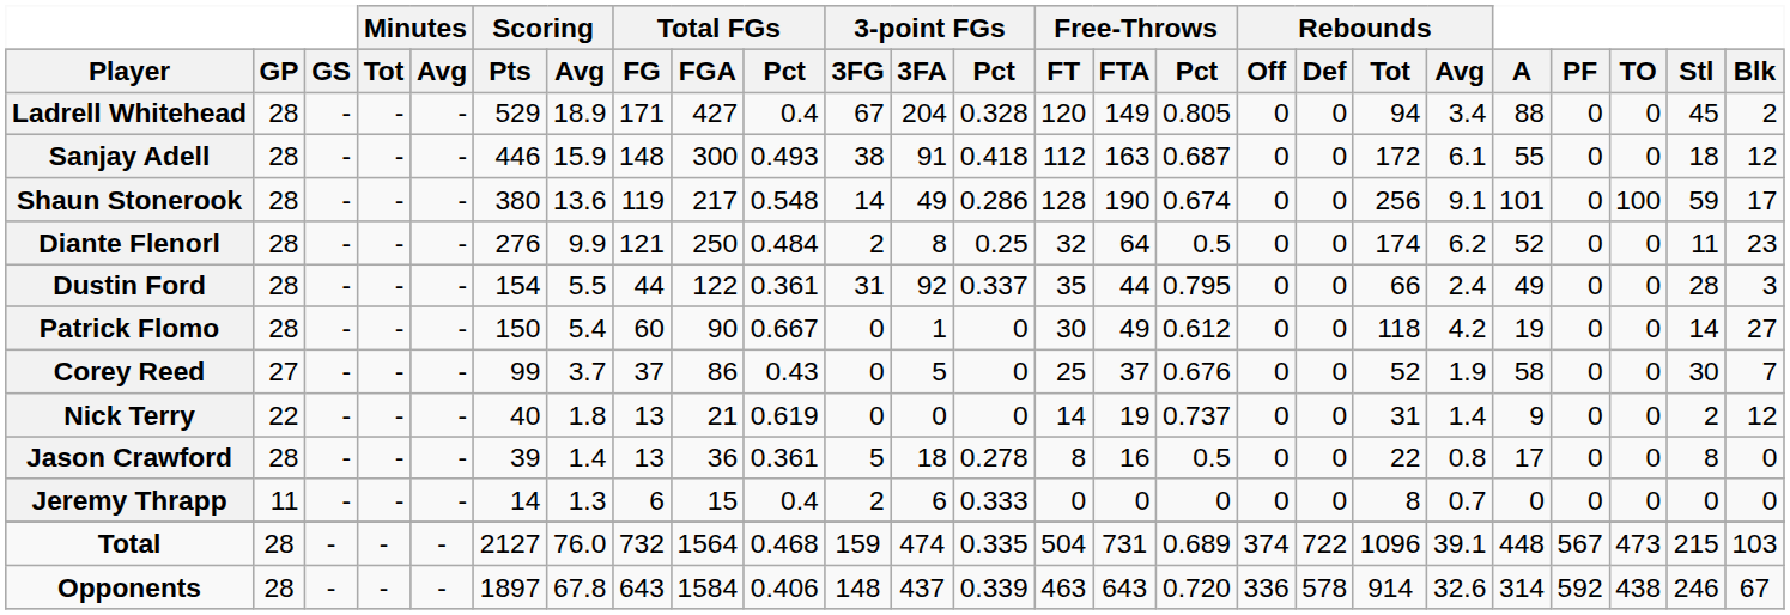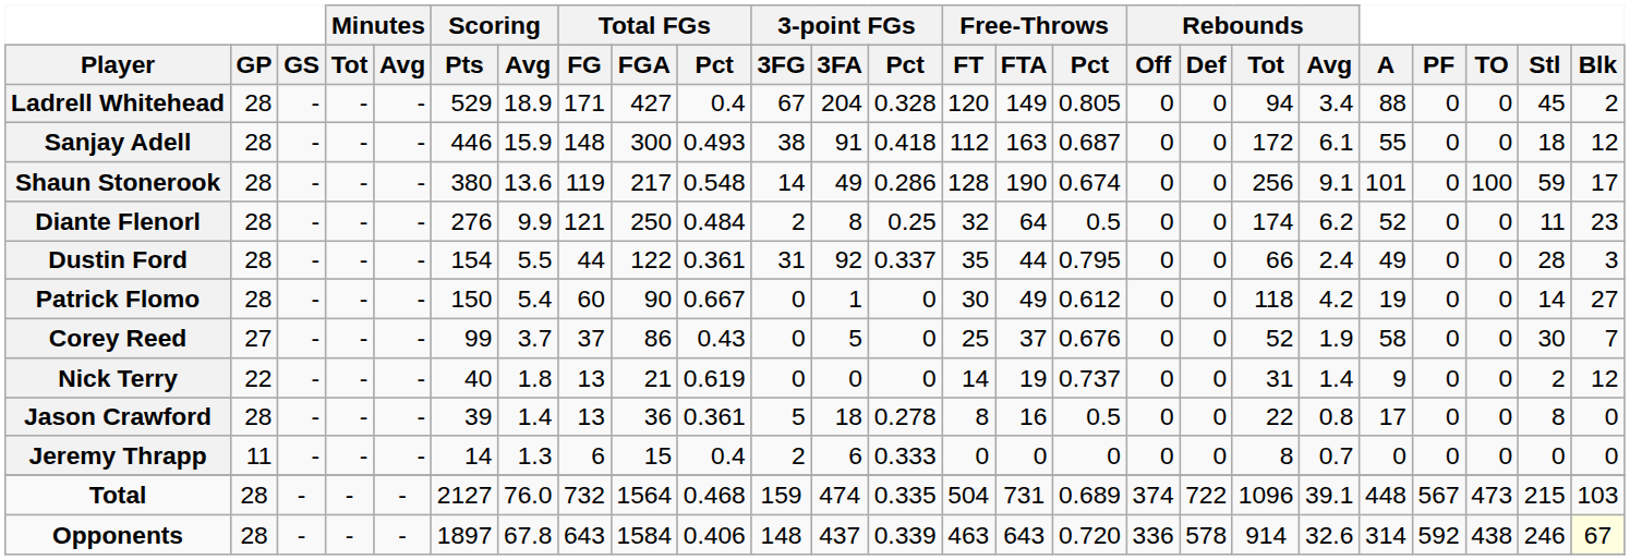 <table class="wikitable sortable" border="1" style="font-size:90%;">
 <tr>
 <th colspan="3" style="border-top-style:hidden; border-left-style:hidden; background: white;"></th>
 <th colspan="2" style=>Minutes</th>
 <th colspan="2" style=>Scoring</th>
 <th colspan="3" style=>Total FGs</th>
 <th colspan="3" style=>3-point FGs</th>
 <th colspan="3" style=>Free-Throws</th>
 <th colspan="4" style=>Rebounds</th>
 <th colspan="5" style="border-top-style:hidden; border-right-style:hidden; background: white;"></th>
 </tr>
 <tr>
 <th scope="col" style=>Player</th>
 <th scope="col" style=>GP</th>
 <th scope="col" style=>GS</th>
 <th scope="col" style=>Tot</th>
 <th scope="col" style=>Avg</th>
 <th scope="col" style=>Pts</th>
 <th scope="col" style=>Avg</th>
 <th scope="col" style=>FG</th>
 <th scope="col" style=>FGA</th>
 <th scope="col" style=>Pct</th>
 <th scope="col" style=>3FG</th>
 <th scope="col" style=>3FA</th>
 <th scope="col" style=>Pct</th>
 <th scope="col" style=>FT</th>
 <th scope="col" style=>FTA</th>
 <th scope="col" style=>Pct</th>
 <th scope="col" style=>Off</th>
 <th scope="col" style=>Def</th>
 <th scope="col" style=>Tot</th>
 <th scope="col" style=>Avg</th>
 <th scope="col" style=>A</th>
 <th scope="col" style=>PF</th>
 <th scope="col" style=>TO</th>
 <th scope="col" style=>Stl</th>
 <th scope="col" style=>Blk</th>
 </tr>
 <tr>
 <th>Ladrell Whitehead</th>
 <td align="right">28</td>
 <td align="right">-</td>
 <td align="right">-</td>
 <td align="right">-</td>
 <td align="right">529</td>
 <td align="right">18.9</td>
 <td align="right">171</td>
 <td align="right">427</td>
 <td align="right">0.4</td>
 <td align="right">67</td>
 <td align="right">204</td>
 <td align="right">0.328</td>
 <td align="right">120</td>
 <td align="right">149</td>
 <td align="right">0.805</td>
 <td align="right">0</td>
 <td align="right">0</td>
 <td align="right">94</td>
 <td align="right">3.4</td>
 <td align="right">88</td>
 <td align="right">0</td>
 <td align="right">0</td>
 <td align="right">45</td>
 <td align="right">2</td>
 </tr>
 <tr>
 <th>Sanjay Adell</th>
 <td align="right">28</td>
 <td align="right">-</td>
 <td align="right">-</td>
 <td align="right">-</td>
 <td align="right">446</td>
 <td align="right">15.9</td>
 <td align="right">148</td>
 <td align="right">300</td>
 <td align="right">0.493</td>
 <td align="right">38</td>
 <td align="right">91</td>
 <td align="right">0.418</td>
 <td align="right">112</td>
 <td align="right">163</td>
 <td align="right">0.687</td>
 <td align="right">0</td>
 <td align="right">0</td>
 <td align="right">172</td>
 <td align="right">6.1</td>
 <td align="right">55</td>
 <td align="right">0</td>
 <td align="right">0</td>
 <td align="right">18</td>
 <td align="right">12</td>
 </tr>
 <tr>
 <th>Shaun Stonerook</th>
 <td align="right">28</td>
 <td align="right">-</td>
 <td align="right">-</td>
 <td align="right">-</td>
 <td align="right">380</td>
 <td align="right">13.6</td>
 <td align="right">119</td>
 <td align="right">217</td>
 <td align="right">0.548</td>
 <td align="right">14</td>
 <td align="right">49</td>
 <td align="right">0.286</td>
 <td align="right">128</td>
 <td align="right">190</td>
 <td align="right">0.674</td>
 <td align="right">0</td>
 <td align="right">0</td>
 <td align="right">256</td>
 <td align="right">9.1</td>
 <td align="right">101</td>
 <td align="right">0</td>
 <td align="right">100</td>
 <td align="right">59</td>
 <td align="right">17</td>
 </tr>
 <tr>
 <th>Diante Flenorl</th>
 <td align="right">28</td>
 <td align="right">-</td>
 <td align="right">-</td>
 <td align="right">-</td>
 <td align="right">276</td>
 <td align="right">9.9</td>
 <td align="right">121</td>
 <td align="right">250</td>
 <td align="right">0.484</td>
 <td align="right">2</td>
 <td align="right">8</td>
 <td align="right">0.25</td>
 <td align="right">32</td>
 <td align="right">64</td>
 <td align="right">0.5</td>
 <td align="right">0</td>
 <td align="right">0</td>
 <td align="right">174</td>
 <td align="right">6.2</td>
 <td align="right">52</td>
 <td align="right">0</td>
 <td align="right">0</td>
 <td align="right">11</td>
 <td align="right">23</td>
 </tr>
 <tr>
 <th>Dustin Ford</th>
 <td align="right">28</td>
 <td align="right">-</td>
 <td align="right">-</td>
 <td align="right">-</td>
 <td align="right">154</td>
 <td align="right">5.5</td>
 <td align="right">44</td>
 <td align="right">122</td>
 <td align="right">0.361</td>
 <td align="right">31</td>
 <td align="right">92</td>
 <td align="right">0.337</td>
 <td align="right">35</td>
 <td align="right">44</td>
 <td align="right">0.795</td>
 <td align="right">0</td>
 <td align="right">0</td>
 <td align="right">66</td>
 <td align="right">2.4</td>
 <td align="right">49</td>
 <td align="right">0</td>
 <td align="right">0</td>
 <td align="right">28</td>
 <td align="right">3</td>
 </tr>
 <tr>
 <th>Patrick Flomo</th>
 <td align="right">28</td>
 <td align="right">-</td>
 <td align="right">-</td>
 <td align="right">-</td>
 <td align="right">150</td>
 <td align="right">5.4</td>
 <td align="right">60</td>
 <td align="right">90</td>
 <td align="right">0.667</td>
 <td align="right">0</td>
 <td align="right">1</td>
 <td align="right">0</td>
 <td align="right">30</td>
 <td align="right">49</td>
 <td align="right">0.612</td>
 <td align="right">0</td>
 <td align="right">0</td>
 <td align="right">118</td>
 <td align="right">4.2</td>
 <td align="right">19</td>
 <td align="right">0</td>
 <td align="right">0</td>
 <td align="right">14</td>
 <td align="right">27</td>
 </tr>
 <tr>
 <th>Corey Reed</th>
 <td align="right">27</td>
 <td align="right">-</td>
 <td align="right">-</td>
 <td align="right">-</td>
 <td align="right">99</td>
 <td align="right">3.7</td>
 <td align="right">37</td>
 <td align="right">86</td>
 <td align="right">0.43</td>
 <td align="right">0</td>
 <td align="right">5</td>
 <td align="right">0</td>
 <td align="right">25</td>
 <td align="right">37</td>
 <td align="right">0.676</td>
 <td align="right">0</td>
 <td align="right">0</td>
 <td align="right">52</td>
 <td align="right">1.9</td>
 <td align="right">58</td>
 <td align="right">0</td>
 <td align="right">0</td>
 <td align="right">30</td>
 <td align="right">7</td>
 </tr>
 <tr>
 <th>Nick Terry</th>
 <td align="right">22</td>
 <td align="right">-</td>
 <td align="right">-</td>
 <td align="right">-</td>
 <td align="right">40</td>
 <td align="right">1.8</td>
 <td align="right">13</td>
 <td align="right">21</td>
 <td align="right">0.619</td>
 <td align="right">0</td>
 <td align="right">0</td>
 <td align="right">0</td>
 <td align="right">14</td>
 <td align="right">19</td>
 <td align="right">0.737</td>
 <td align="right">0</td>
 <td align="right">0</td>
 <td align="right">31</td>
 <td align="right">1.4</td>
 <td align="right">9</td>
 <td align="right">0</td>
 <td align="right">0</td>
 <td align="right">2</td>
 <td align="right">12</td>
 </tr>
 <tr>
 <th>Jason Crawford</th>
 <td align="right">28</td>
 <td align="right">-</td>
 <td align="right">-</td>
 <td align="right">-</td>
 <td align="right">39</td>
 <td align="right">1.4</td>
 <td align="right">13</td>
 <td align="right">36</td>
 <td align="right">0.361</td>
 <td align="right">5</td>
 <td align="right">18</td>
 <td align="right">0.278</td>
 <td align="right">8</td>
 <td align="right">16</td>
 <td align="right">0.5</td>
 <td align="right">0</td>
 <td align="right">0</td>
 <td align="right">22</td>
 <td align="right">0.8</td>
 <td align="right">17</td>
 <td align="right">0</td>
 <td align="right">0</td>
 <td align="right">8</td>
 <td align="right">0</td>
 </tr>
 <tr>
 <th>Jeremy Thrapp</th>
 <td align="right">11</td>
 <td align="right">-</td>
 <td align="right">-</td>
 <td align="right">-</td>
 <td align="right">14</td>
 <td align="right">1.3</td>
 <td align="right">6</td>
 <td align="right">15</td>
 <td align="right">0.4</td>
 <td align="right">2</td>
 <td align="right">6</td>
 <td align="right">0.333</td>
 <td align="right">0</td>
 <td align="right">0</td>
 <td align="right">0</td>
 <td align="right">0</td>
 <td align="right">0</td>
 <td align="right">8</td>
 <td align="right">0.7</td>
 <td align="right">0</td>
 <td align="right">0</td>
 <td align="right">0</td>
 <td align="right">0</td>
 <td align="right">0</td>
 </tr>
 <tr>
 </tr>
 <tr class="sortbottom">
 <td align="center" style=><strong>Total</strong></td>
 <td align="center" style=>28</td>
 <td align="center" style=>-</td>
 <td align="center" style=>-</td>
 <td align="center" style=>-</td>
 <td align="center" style=>2127</td>
 <td align="center" style=>76.0</td>
 <td align="center" style=>732</td>
 <td align="center" style=>1564</td>
 <td align="center" style=>0.468</td>
 <td align="center" style=>159</td>
 <td align="center" style=>474</td>
 <td align="center" style=>0.335</td>
 <td align="center" style=>504</td>
 <td align="center" style=>731</td>
 <td align="center" style=>0.689</td>
 <td align="center" style=>374</td>
 <td align="center" style=>722</td>
 <td align="center" style=>1096</td>
 <td align="center" style=>39.1</td>
 <td align="center" style=>448</td>
 <td align="center" style=>567</td>
 <td align="center" style=>473</td>
 <td align="center" style=>215</td>
 <td align="center" style=>103</td>
 </tr>
 <tr class="sortbottom">
 <td align="center"><strong>Opponents</strong></td>
 <td align="center">28</td>
 <td align="center">-</td>
 <td align="center">-</td>
 <td align="center">-</td>
 <td align="center">1897</td>
 <td align="center">67.8</td>
 <td align="center">643</td>
 <td align="center">1584</td>
 <td align="center">0.406</td>
 <td align="center">148</td>
 <td align="center">437</td>
 <td align="center">0.339</td>
 <td align="center">463</td>
 <td align="center">643</td>
 <td align="center">0.720</td>
 <td align="center">336</td>
 <td align="center">578</td>
 <td align="center">914</td>
 <td align="center">32.6</td>
 <td align="center">314</td>
 <td align="center">592</td>
 <td align="center">438</td>
 <td align="center">246</td>
-<td align="center">67</td>
+<td align="center" style="background: lightyellow;">67</td>
 </tr>
 </table>
